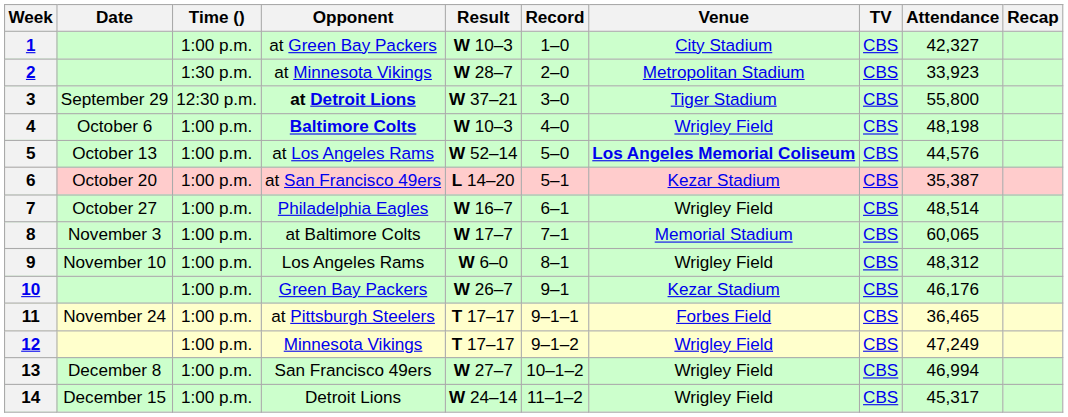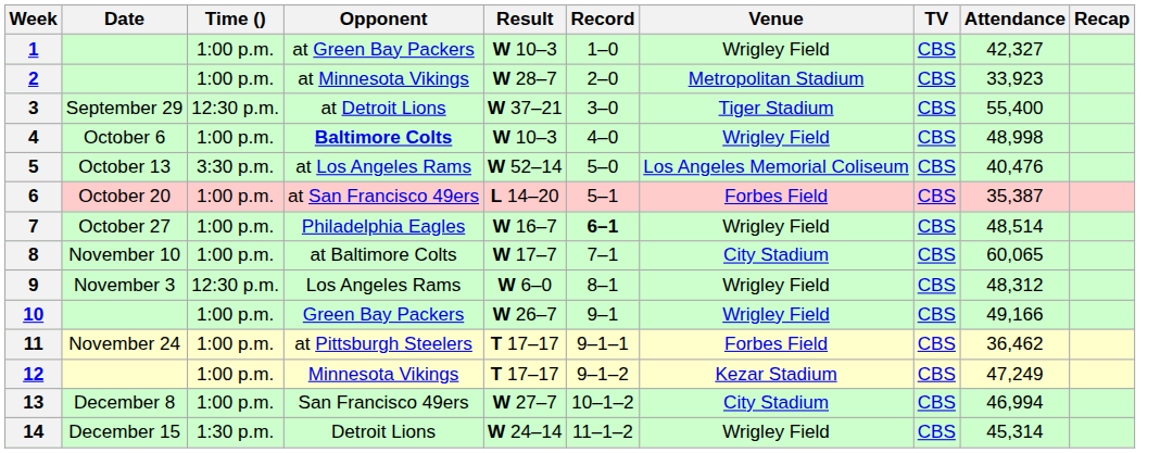 <table class="wikitable" style="text-align:center">
 <tr>
 <th>Week</th>
 <th>Date</th>
 <th>Time (<a href='#'></a>)</th>
 <th>Opponent</th>
 <th>Result</th>
 <th>Record</th>
 <th>Venue</th>
 <th>TV</th>
 <th>Attendance</th>
 <th>Recap</th>
 </tr>
 <tr style="background:#cfc">
 <th><a href='#'>1</a></th>
 <td></td>
 <td>1:00 p.m.</td>
 <td>at <a href='#'>Green Bay Packers</a></td>
 <td><strong>W</strong>  10–3</td>
 <td>1–0</td>
-<td><a href='#'>City Stadium</a></td>
+<td>Wrigley Field</td>
 <td><a href='#'>CBS</a></td>
 <td>42,327</td>
 <td></td>
 </tr>
 <tr style="background:#cfc">
 <th><a href='#'>2</a></th>
 <td></td>
-<td>1:30 p.m.</td>
+<td>1:00 p.m.</td>
 <td>at <a href='#'>Minnesota Vikings</a></td>
 <td><strong>W</strong> 28–7</td>
 <td>2–0</td>
 <td><a href='#'>Metropolitan Stadium</a></td>
 <td><a href='#'>CBS</a></td>
 <td>33,923</td>
 <td></td>
 </tr>
 <tr style="background:#cfc">
 <th>3</th>
 <td>September 29</td>
 <td>12:30 p.m.</td>
-<td><strong>at <a href='#'>Detroit Lions</a></strong></td>
+<td>at <a href='#'>Detroit Lions</a></td>
 <td><strong>W</strong> 37–21</td>
 <td>3–0</td>
 <td><a href='#'>Tiger Stadium</a></td>
 <td><a href='#'>CBS</a></td>
-<td>55,800</td>
+<td>55,400</td>
 <td></td>
 </tr>
 <tr style="background:#cfc">
 <th>4</th>
 <td>October 6</td>
 <td>1:00 p.m.</td>
 <td><strong><a href='#'>Baltimore Colts</a></strong></td>
 <td><strong>W</strong> 10–3</td>
 <td>4–0</td>
 <td><a href='#'>Wrigley Field</a></td>
 <td><a href='#'>CBS</a></td>
-<td>48,198</td>
+<td>48,998</td>
 <td></td>
 </tr>
 <tr style="background:#cfc">
 <th>5</th>
 <td>October 13</td>
-<td>1:00 p.m.</td>
+<td>3:30 p.m.</td>
 <td>at <a href='#'>Los Angeles Rams</a></td>
 <td><strong>W</strong> 52–14</td>
 <td>5–0</td>
-<td><strong><a href='#'>Los Angeles Memorial Coliseum</a></strong></td>
+<td><a href='#'>Los Angeles Memorial Coliseum</a></td>
 <td><a href='#'>CBS</a></td>
-<td>44,576</td>
+<td>40,476</td>
 <td></td>
 </tr>
 <tr style="background:#fcc">
 <th>6</th>
 <td>October 20</td>
 <td>1:00 p.m.</td>
 <td>at <a href='#'>San Francisco 49ers</a></td>
 <td><strong>L</strong> 14–20</td>
 <td>5–1</td>
-<td><a href='#'>Kezar Stadium</a></td>
+<td><a href='#'>Forbes Field</a></td>
 <td><a href='#'>CBS</a></td>
 <td>35,387</td>
 <td></td>
 </tr>
 <tr style="background:#cfc">
 <th>7</th>
 <td>October 27</td>
 <td>1:00 p.m.</td>
 <td><a href='#'>Philadelphia Eagles</a></td>
 <td><strong>W</strong> 16–7</td>
-<td>6–1</td>
+<td><strong>6–1</strong></td>
 <td>Wrigley Field</td>
 <td><a href='#'>CBS</a></td>
 <td>48,514</td>
 <td></td>
 </tr>
 <tr style="background:#cfc">
 <th>8</th>
-<td>November 3</td>
+<td>November 10</td>
 <td>1:00 p.m.</td>
 <td>at Baltimore Colts</td>
 <td><strong>W</strong> 17–7</td>
 <td>7–1</td>
-<td><a href='#'>Memorial Stadium</a></td>
+<td><a href='#'>City Stadium</a></td>
 <td><a href='#'>CBS</a></td>
 <td>60,065</td>
 <td></td>
 </tr>
 <tr style="background:#cfc">
 <th>9</th>
-<td>November 10</td>
-<td>1:00 p.m.</td>
+<td>November 3</td>
+<td>12:30 p.m.</td>
 <td>Los Angeles Rams</td>
 <td><strong>W</strong> 6–0</td>
 <td>8–1</td>
 <td>Wrigley Field</td>
 <td><a href='#'>CBS</a></td>
 <td>48,312</td>
 <td></td>
 </tr>
 <tr style="background:#cfc">
 <th><a href='#'>10</a></th>
 <td></td>
 <td>1:00 p.m.</td>
 <td><a href='#'>Green Bay Packers</a></td>
 <td><strong>W</strong> 26–7</td>
 <td>9–1</td>
-<td><a href='#'>Kezar Stadium</a></td>
+<td><a href='#'>Wrigley Field</a></td>
 <td><a href='#'>CBS</a></td>
-<td>46,176</td>
+<td>49,166</td>
 <td></td>
 </tr>
 <tr style="background:#ffc">
 <th>11</th>
 <td>November 24</td>
 <td>1:00 p.m.</td>
 <td>at <a href='#'>Pittsburgh Steelers</a></td>
 <td><strong>T</strong> 17–17</td>
 <td>9–1–1</td>
 <td><a href='#'>Forbes Field</a></td>
 <td><a href='#'>CBS</a></td>
-<td>36,465</td>
+<td>36,462</td>
 <td></td>
 </tr>
 <tr style="background:#ffc">
 <th><a href='#'>12</a></th>
 <td></td>
 <td>1:00 p.m.</td>
 <td><a href='#'>Minnesota Vikings</a></td>
 <td><strong>T</strong> 17–17</td>
 <td>9–1–2</td>
-<td><a href='#'>Wrigley Field</a></td>
+<td><a href='#'>Kezar Stadium</a></td>
 <td><a href='#'>CBS</a></td>
 <td>47,249</td>
 <td></td>
 </tr>
 <tr style="background:#cfc">
 <th>13</th>
 <td>December 8</td>
 <td>1:00 p.m.</td>
 <td>San Francisco 49ers</td>
 <td><strong>W</strong> 27–7</td>
 <td>10–1–2</td>
-<td>Wrigley Field</td>
+<td><a href='#'>City Stadium</a></td>
 <td><a href='#'>CBS</a></td>
 <td>46,994</td>
 <td></td>
 </tr>
 <tr style="background:#cfc">
 <th>14</th>
 <td>December 15</td>
-<td>1:00 p.m.</td>
+<td>1:30 p.m.</td>
 <td>Detroit Lions</td>
 <td><strong>W</strong> 24–14</td>
 <td>11–1–2</td>
 <td>Wrigley Field</td>
 <td><a href='#'>CBS</a></td>
-<td>45,317</td>
+<td>45,314</td>
 <td></td>
 </tr>
 </table>
